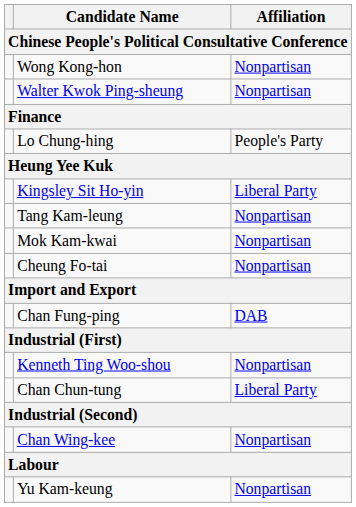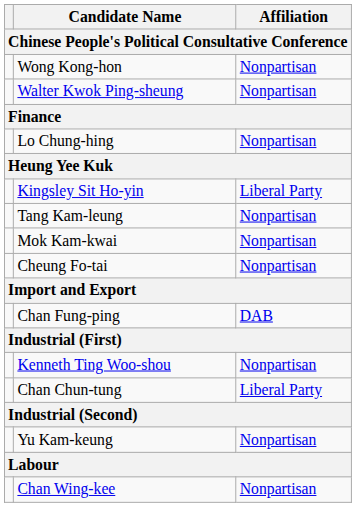 <table class="wikitable">
 <tr>
 <th></th>
 <th>Candidate Name</th>
 <th>Affiliation</th>
 </tr>
 <tr bgcolor="F2F2F2">
 <td colspan=3><strong>Chinese People's Political Consultative Conference</strong></td>
 </tr>
 <tr>
 <td></td>
 <td>Wong Kong-hon</td>
 <td><a href='#'>Nonpartisan</a></td>
 </tr>
 <tr>
 <td></td>
 <td><a href='#'>Walter Kwok Ping-sheung</a></td>
 <td><a href='#'>Nonpartisan</a></td>
 </tr>
 <tr bgcolor="F2F2F2">
 <td colspan=3><strong>Finance</strong></td>
 </tr>
 <tr>
 <td></td>
 <td>Lo Chung-hing</td>
-<td>People's Party</td>
+<td><a href='#'>Nonpartisan</a></td>
 </tr>
 <tr bgcolor="F2F2F2">
 <td colspan=3><strong>Heung Yee Kuk</strong></td>
 </tr>
 <tr>
 <td></td>
 <td><a href='#'>Kingsley Sit Ho-yin</a></td>
 <td><a href='#'>Liberal Party</a></td>
 </tr>
 <tr>
 <td></td>
 <td>Tang Kam-leung</td>
 <td><a href='#'>Nonpartisan</a></td>
 </tr>
 <tr>
 <td></td>
 <td>Mok Kam-kwai</td>
 <td><a href='#'>Nonpartisan</a></td>
 </tr>
 <tr>
 <td></td>
 <td>Cheung Fo-tai</td>
 <td><a href='#'>Nonpartisan</a></td>
 </tr>
 <tr bgcolor="F2F2F2">
 <td colspan=3><strong>Import and Export</strong></td>
 </tr>
 <tr>
 <td></td>
 <td>Chan Fung-ping</td>
 <td><a href='#'>DAB</a></td>
 </tr>
 <tr bgcolor="F2F2F2">
 <td colspan=3><strong>Industrial (First)</strong></td>
 </tr>
 <tr>
 <td></td>
 <td><a href='#'>Kenneth Ting Woo-shou</a></td>
 <td><a href='#'>Nonpartisan</a></td>
 </tr>
 <tr>
 <td></td>
 <td>Chan Chun-tung</td>
 <td><a href='#'>Liberal Party</a></td>
 </tr>
 <tr bgcolor="F2F2F2">
 <td colspan=3><strong>Industrial (Second)</strong></td>
 </tr>
 <tr>
 <td></td>
-<td><a href='#'>Chan Wing-kee</a></td>
+<td>Yu Kam-keung</td>
 <td><a href='#'>Nonpartisan</a></td>
 </tr>
 <tr bgcolor="F2F2F2">
 <td colspan=3><strong>Labour</strong></td>
 </tr>
 <tr>
 <td></td>
-<td>Yu Kam-keung</td>
+<td><a href='#'>Chan Wing-kee</a></td>
 <td><a href='#'>Nonpartisan</a></td>
 </tr>
 </table>
